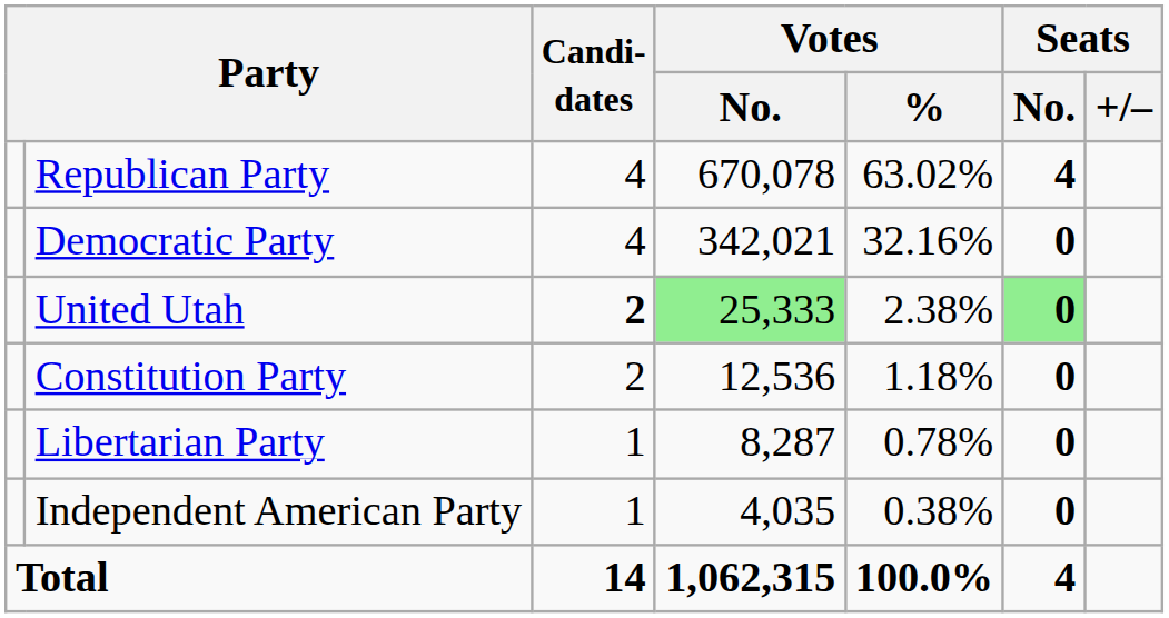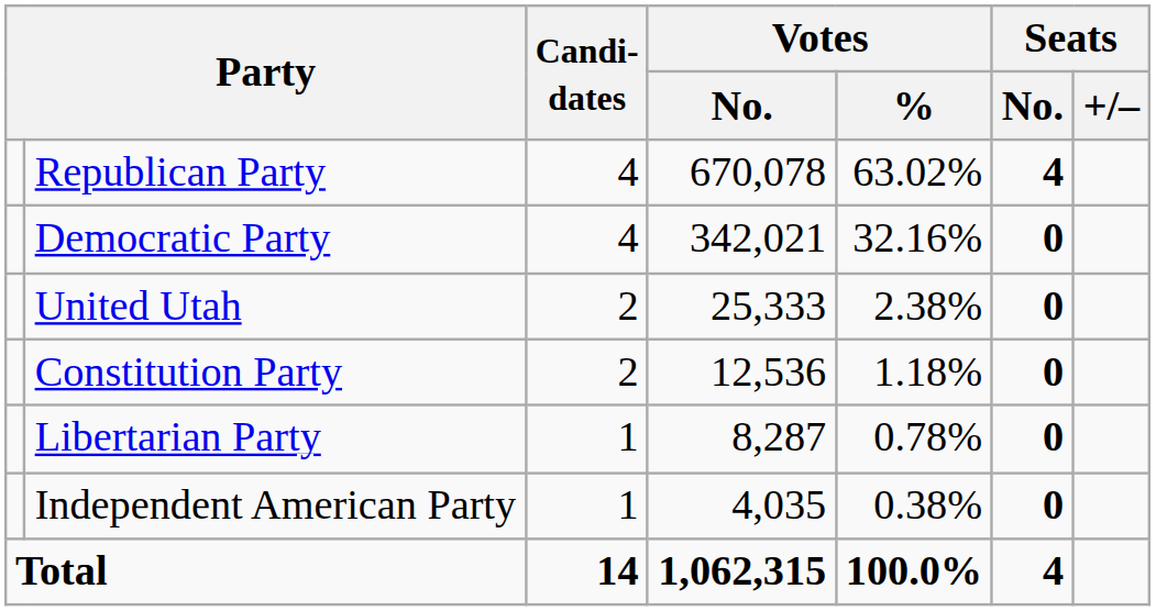 <table class="wikitable" style="font-size:100%; text-align:right;">
 <tr>
 <th colspan=2 rowspan=2>Party</th>
 <th rowspan=2><small>Candi-<br>dates</small></th>
 <th colspan=2>Votes</th>
 <th colspan=2>Seats</th>
 </tr>
 <tr>
 <th>No.</th>
 <th>%</th>
 <th>No.</th>
 <th>+/–</th>
 </tr>
 <tr>
 <td style="background:"></td>
 <td align=left><a href='#'>Republican Party</a></td>
 <td>4</td>
 <td>670,078</td>
 <td>63.02%</td>
 <td><strong>4</strong></td>
 <td></td>
 </tr>
 <tr>
 <td style="background:"></td>
 <td align=left><a href='#'>Democratic Party</a></td>
 <td>4</td>
 <td>342,021</td>
 <td>32.16%</td>
 <td><strong>0</strong></td>
 <td></td>
 </tr>
 <tr>
 <td style="background:"></td>
 <td align=left><a href='#'>United Utah</a></td>
-<td><strong>2</strong></td>
-<td style="background: lightgreen;">25,333</td>
+<td>2</td>
+<td>25,333</td>
 <td>2.38%</td>
-<td style="background: lightgreen;"><strong>0</strong></td>
+<td><strong>0</strong></td>
 <td></td>
 </tr>
 <tr>
 <td style="background:"></td>
 <td align=left><a href='#'>Constitution Party</a></td>
 <td>2</td>
 <td>12,536</td>
 <td>1.18%</td>
 <td><strong>0</strong></td>
 <td></td>
 </tr>
 <tr>
 <td style="background:"></td>
 <td align=left><a href='#'>Libertarian Party</a></td>
 <td>1</td>
 <td>8,287</td>
 <td>0.78%</td>
 <td><strong>0</strong></td>
 <td></td>
 </tr>
 <tr>
 <td style="background:"></td>
 <td align=left>Independent American Party</td>
 <td>1</td>
 <td>4,035</td>
 <td>0.38%</td>
 <td><strong>0</strong></td>
 <td></td>
 </tr>
 <tr style="font-weight:bold">
 <td colspan=2 align=left>Total</td>
 <td>14</td>
 <td><strong>1,062,315</strong></td>
 <td>100.0%</td>
 <td>4</td>
 <td></td>
 </tr>
 </table>
